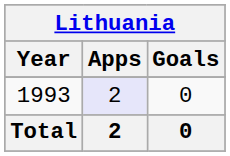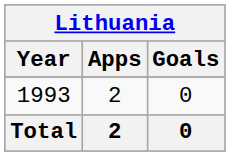 <table class="wikitable" style="text-align:center">
 <tr>
 <th colspan=3><a href='#'>Lithuania</a></th>
 </tr>
 <tr>
 <th>Year</th>
 <th>Apps</th>
 <th>Goals</th>
 </tr>
 <tr>
 </tr>
 <tr>
 <td>1993</td>
-<td style="background: lavender;">2</td>
+<td>2</td>
 <td>0</td>
 </tr>
 <tr>
 <th>Total</th>
 <th>2</th>
 <th>0</th>
 </tr>
 </table>
